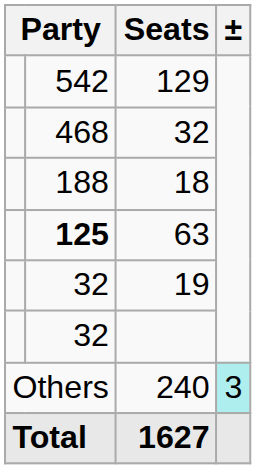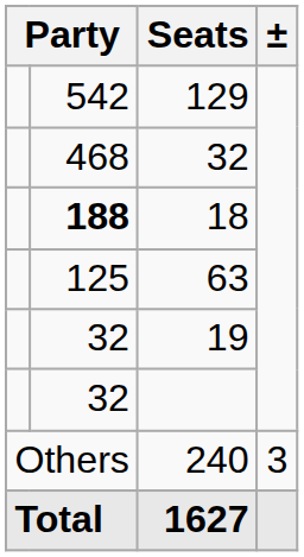 <table class="wikitable">
 <tr>
 <th colspan="2" rowspan="1" align="center" valign="top">Party</th>
 <th valign="top">Seats</th>
 <th valign="top" align=center>±</th>
 </tr>
 <tr>
 <td></td>
 <td align="right">542</td>
 <td align="right">129</td>
 </tr>
 <tr>
 <td></td>
 <td align="right">468</td>
 <td align="right">32</td>
 </tr>
 <tr>
 <td></td>
-<td align="right">188</td>
+<td align="right"><strong>188</strong></td>
 <td align="right">18</td>
 </tr>
 <tr>
 <td></td>
-<td align="right"><strong>125</strong></td>
+<td align="right">125</td>
 <td align="right">63</td>
 </tr>
 <tr>
 <td></td>
 <td align="right">32</td>
 <td align="right">19</td>
 </tr>
 <tr>
 <td></td>
 <td align="right">32</td>
 <td align="right"></td>
 </tr>
 <tr>
 <td colspan="2">Others</td>
 <td align="right">240</td>
-<td align="right" style="background: paleturquoise;">3</td>
+<td align="right">3</td>
 </tr>
 <tr style="font-weight:bold; background:rgb(232,232,232);">
 <td colspan="2">Total</td>
 <td align="right">1627</td>
 <td align="right"></td>
 </tr>
 </table>
